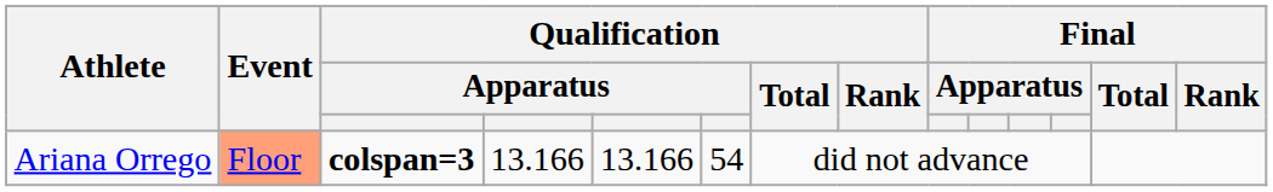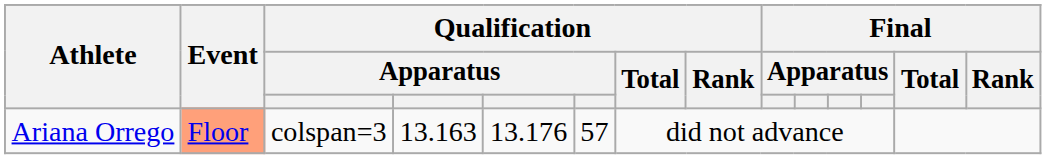 <table class="wikitable" style="font-size:90%">
 <tr>
 <th rowspan=3>Athlete</th>
 <th rowspan=3>Event</th>
 <th colspan=6>Qualification</th>
 <th colspan=6>Final</th>
 </tr>
 <tr style="font-size:95%">
 <th colspan=4>Apparatus</th>
 <th rowspan=2>Total</th>
 <th rowspan=2>Rank</th>
 <th colspan=4>Apparatus</th>
 <th rowspan=2>Total</th>
 <th rowspan=2>Rank</th>
 </tr>
 <tr style="font-size:95%">
 <th></th>
 <th></th>
 <th></th>
 <th></th>
 <th></th>
 <th></th>
 <th></th>
 <th></th>
 </tr>
 <tr align=center>
 <td align=left><a href='#'>Ariana Orrego</a></td>
 <td align=left style="background: lightsalmon;"><a href='#'>Floor</a></td>
-<td><strong>colspan=3 </strong></td>
-<td>13.166</td>
-<td>13.166</td>
-<td>54</td>
+<td>colspan=3 </td>
+<td>13.163</td>
+<td>13.176</td>
+<td>57</td>
 <td colspan=6>did not advance</td>
 </tr>
 </table>
